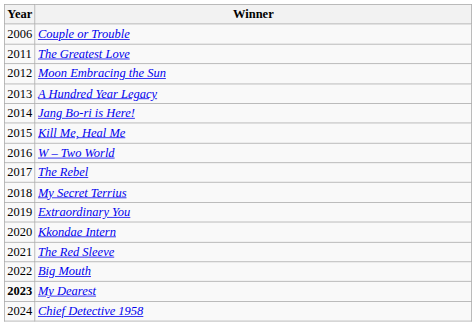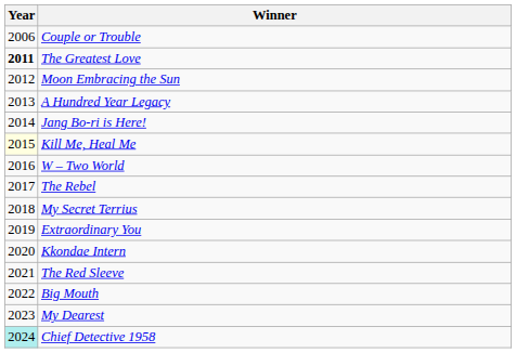 <table class="wikitable" style="width:600px">
 <tr>
 <th width=10>Year</th>
 <th>Winner</th>
 </tr>
 <tr>
 <td>2006</td>
 <td><em><a href='#'>Couple or Trouble</a></em></td>
 </tr>
 <tr>
-<td>2011</td>
+<td><strong>2011</strong></td>
 <td><em><a href='#'>The Greatest Love</a></em></td>
 </tr>
 <tr>
 <td>2012</td>
 <td><em><a href='#'>Moon Embracing the Sun</a></em></td>
 </tr>
 <tr>
 <td>2013</td>
 <td><em><a href='#'>A Hundred Year Legacy</a></em></td>
 </tr>
 <tr>
 <td>2014</td>
 <td><em><a href='#'>Jang Bo-ri is Here!</a></em></td>
 </tr>
 <tr>
-<td>2015</td>
+<td style="background: lightyellow;">2015</td>
 <td><em><a href='#'>Kill Me, Heal Me</a></em></td>
 </tr>
 <tr>
 <td>2016</td>
 <td><em><a href='#'>W – Two World</a></em></td>
 </tr>
 <tr>
 <td>2017</td>
 <td><em><a href='#'>The Rebel</a></em></td>
 </tr>
 <tr>
 <td>2018</td>
 <td><em><a href='#'>My Secret Terrius</a></em></td>
 </tr>
 <tr>
 <td>2019</td>
 <td><em><a href='#'>Extraordinary You</a></em></td>
 </tr>
 <tr>
 <td>2020</td>
 <td><em><a href='#'>Kkondae Intern</a></em></td>
 </tr>
 <tr>
 <td>2021</td>
 <td><em><a href='#'>The Red Sleeve</a></em></td>
 </tr>
 <tr>
 <td>2022</td>
 <td><em><a href='#'>Big Mouth</a></em></td>
 </tr>
 <tr>
-<td><strong>2023</strong></td>
+<td>2023</td>
 <td><em><a href='#'>My Dearest</a></em></td>
 </tr>
 <tr>
-<td>2024</td>
+<td style="background: paleturquoise;">2024</td>
 <td><em><a href='#'>Chief Detective 1958</a></em></td>
 </tr>
 </table>
